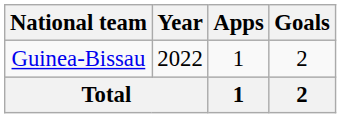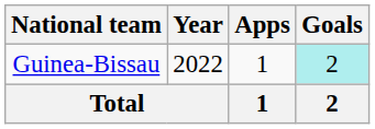 <table class="wikitable" style="text-align:center">
 <tr>
 <th>National team</th>
 <th>Year</th>
 <th>Apps</th>
 <th>Goals</th>
 </tr>
 <tr>
 <td><a href='#'>Guinea-Bissau</a></td>
 <td>2022</td>
 <td>1</td>
-<td>2</td>
+<td style="background: paleturquoise;">2</td>
 </tr>
 <tr>
 <th colspan=2>Total</th>
 <th>1</th>
 <th>2</th>
 </tr>
 </table>
